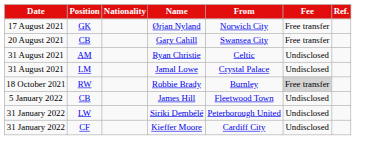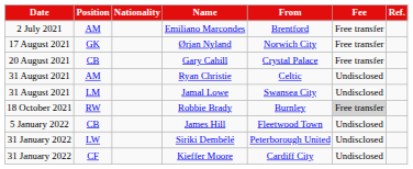 <table class="wikitable"  style="text-align:center; font-size:90%; ">
 <tr>
 <th style="background:#e20e0e;color:#FFFFFF;">Date</th>
 <th style="background:#e20e0e;color:#FFFFFF;">Position</th>
 <th style="background:#e20e0e;color:#FFFFFF;">Nationality</th>
 <th style="background:#e20e0e;color:#FFFFFF;">Name</th>
 <th style="background:#e20e0e;color:#FFFFFF;">From</th>
 <th style="background:#e20e0e;color:#FFFFFF;">Fee</th>
 <th style="background:#e20e0e;color:#FFFFFF;">Ref.</th>
+</tr>
+<tr>
+<td>2 July 2021</td>
+<td><a href='#'>AM</a></td>
+<td></td>
+<td><a href='#'>Emiliano Marcondes</a></td>
+<td> <a href='#'>Brentford</a></td>
+<td>Free transfer</td>
+<td></td>
 </tr>
 <tr>
 <td>17 August 2021</td>
 <td><a href='#'>GK</a></td>
 <td></td>
 <td><a href='#'>Ørjan Nyland</a></td>
 <td> <a href='#'>Norwich City</a></td>
 <td>Free transfer</td>
 <td></td>
 </tr>
 <tr>
 <td>20 August 2021</td>
 <td><a href='#'>CB</a></td>
 <td></td>
 <td><a href='#'>Gary Cahill</a></td>
-<td> <a href='#'>Swansea City</a></td>
+<td> <a href='#'>Crystal Palace</a></td>
 <td>Free transfer</td>
 <td></td>
 </tr>
 <tr>
 <td>31 August 2021</td>
 <td><a href='#'>AM</a></td>
 <td></td>
 <td><a href='#'>Ryan Christie</a></td>
 <td> <a href='#'>Celtic</a></td>
 <td>Undisclosed</td>
 <td></td>
 </tr>
 <tr>
 <td>31 August 2021</td>
 <td><a href='#'>LM</a></td>
 <td></td>
 <td><a href='#'>Jamal Lowe</a></td>
-<td> <a href='#'>Crystal Palace</a></td>
+<td> <a href='#'>Swansea City</a></td>
 <td>Undisclosed</td>
 <td></td>
 </tr>
 <tr>
 <td>18 October 2021</td>
 <td><a href='#'>RW</a></td>
 <td></td>
 <td><a href='#'>Robbie Brady</a></td>
 <td> <a href='#'>Burnley</a></td>
 <td style="background: lightgrey;">Free transfer</td>
 <td></td>
 </tr>
 <tr>
 <td>5 January 2022</td>
 <td><a href='#'>CB</a></td>
 <td></td>
 <td><a href='#'>James Hill</a></td>
 <td> <a href='#'>Fleetwood Town</a></td>
 <td>Undisclosed</td>
 <td></td>
 </tr>
 <tr>
 <td>31 January 2022</td>
 <td><a href='#'>LW</a></td>
 <td></td>
 <td><a href='#'>Siriki Dembélé</a></td>
 <td> <a href='#'>Peterborough United</a></td>
 <td>Undisclosed</td>
 <td></td>
 </tr>
 <tr>
 <td>31 January 2022</td>
 <td><a href='#'>CF</a></td>
 <td></td>
 <td><a href='#'>Kieffer Moore</a></td>
 <td> <a href='#'>Cardiff City</a></td>
 <td>Undisclosed</td>
 <td></td>
 </tr>
 </table>
